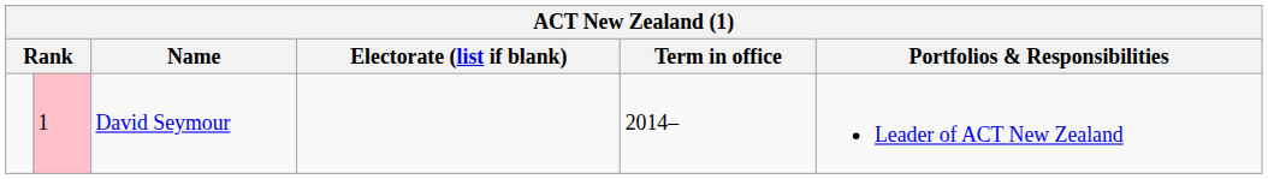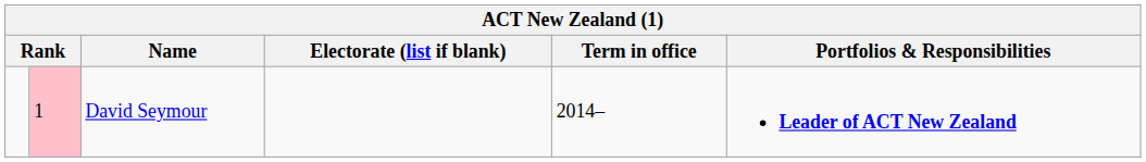 <table role="presentation" class="wikitable mw-collapsible mw-collapsed">
 <tr>
 <th colspan="6" style="width: 700pt; background: ">ACT New Zealand (1)</th>
 </tr>
 <tr>
 <th colspan="2">Rank</th>
 <th>Name</th>
 <th>Electorate (<a href='#'>list</a> if blank)</th>
 <th>Term in office</th>
 <th>Portfolios & Responsibilities</th>
 </tr>
 <tr>
 <td></td>
 <td style="background: pink;">1</td>
 <td><a href='#'>David Seymour</a></td>
 <td></td>
 <td>2014–</td>
-<td><br><ul><li><a href='#'>Leader of ACT New Zealand</a></li></ul></td>
+<td><strong><br><ul><li><a href='#'>Leader of ACT New Zealand</a></li></ul></strong></td>
 </tr>
 </table>
